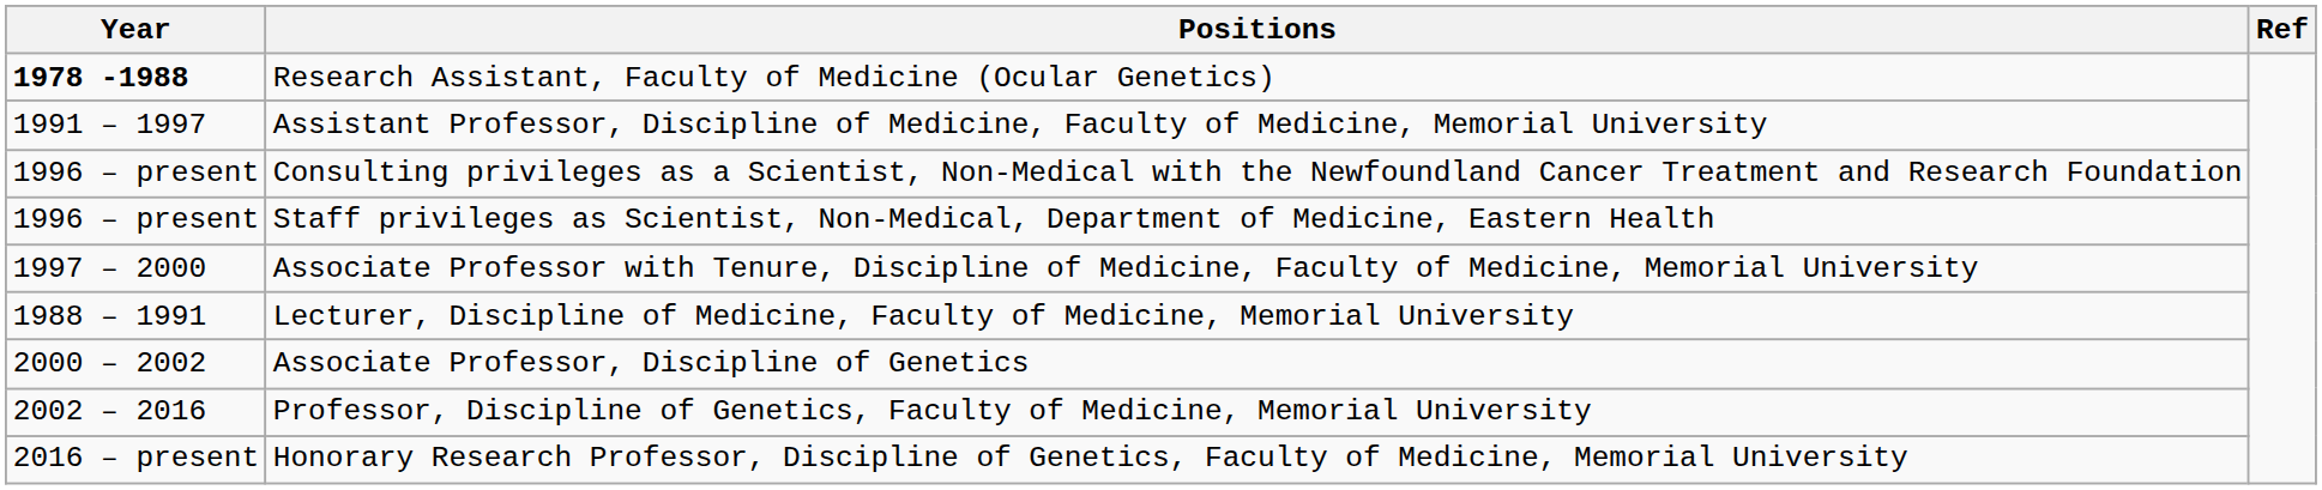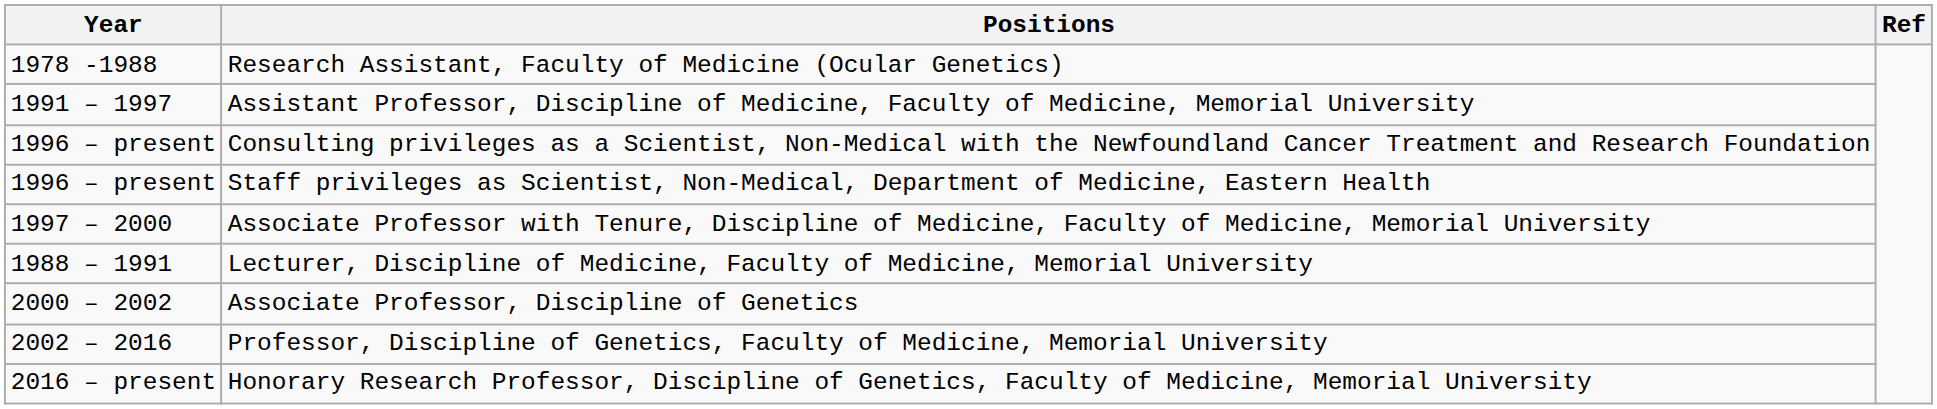 <table class="wikitable">
 <tr>
 <th>Year</th>
 <th>Positions</th>
 <th>Ref</th>
 </tr>
 <tr>
-<td><strong>1978 -1988</strong></td>
+<td>1978 -1988</td>
 <td>Research Assistant, Faculty of Medicine (Ocular Genetics)</td>
 <td rowspan="9"></td>
 </tr>
 <tr>
 <td>1991 – 1997</td>
 <td>Assistant Professor, Discipline of Medicine, Faculty of Medicine, Memorial University</td>
 </tr>
 <tr>
 <td>1996 – present</td>
 <td>Consulting privileges as a Scientist, Non-Medical with the Newfoundland Cancer Treatment and Research Foundation</td>
 </tr>
 <tr>
 <td>1996 – present</td>
 <td>Staff privileges as Scientist, Non-Medical, Department of Medicine, Eastern Health</td>
 </tr>
 <tr>
 <td>1997 – 2000</td>
 <td>Associate Professor with Tenure, Discipline of Medicine, Faculty of Medicine, Memorial University</td>
 </tr>
 <tr>
 <td>1988 – 1991</td>
 <td>Lecturer, Discipline of Medicine, Faculty of Medicine, Memorial University</td>
 </tr>
 <tr>
 <td>2000 – 2002</td>
 <td>Associate Professor, Discipline of Genetics</td>
 </tr>
 <tr>
 <td>2002 – 2016</td>
 <td>Professor, Discipline of Genetics, Faculty of Medicine, Memorial University</td>
 </tr>
 <tr>
 <td>2016 – present</td>
 <td>Honorary Research Professor, Discipline of Genetics, Faculty of Medicine, Memorial University</td>
 </tr>
 </table>
